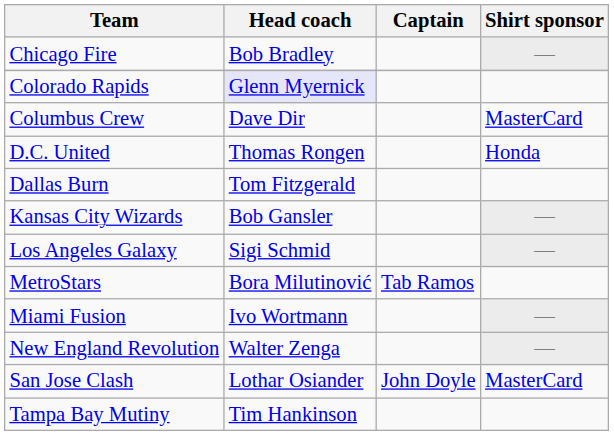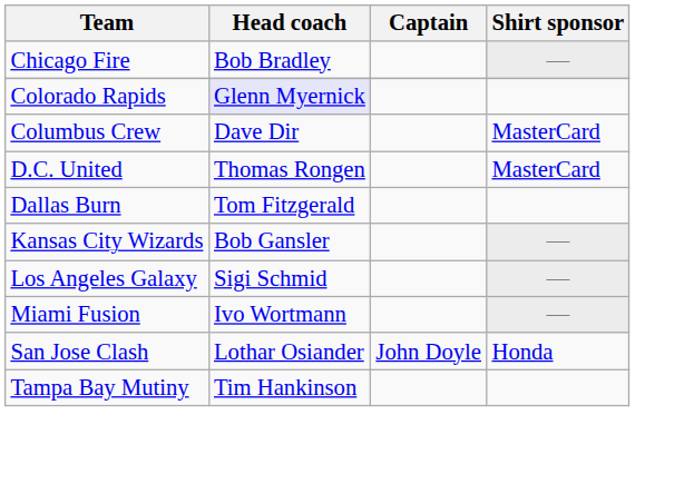 <table class="wikitable sortable" style="text-align: left;">
 <tr>
 <th>Team</th>
 <th>Head coach</th>
 <th>Captain</th>
 <th>Shirt sponsor</th>
 </tr>
 <tr>
 <td><a href='#'>Chicago Fire</a></td>
 <td> <a href='#'>Bob Bradley</a></td>
 <td></td>
 <td align="center" colspan="1" style="background:#ececec; color:gray">—</td>
 </tr>
 <tr>
 </tr>
 <tr>
 <td><a href='#'>Colorado Rapids</a></td>
 <td style="background: lavender;"> <a href='#'>Glenn Myernick</a></td>
 <td></td>
 <td></td>
 </tr>
 <tr>
 <td><a href='#'>Columbus Crew</a></td>
 <td> <a href='#'>Dave Dir</a></td>
 <td></td>
 <td><a href='#'>MasterCard</a></td>
 </tr>
 <tr>
 <td><a href='#'>D.C. United</a></td>
 <td> <a href='#'>Thomas Rongen</a></td>
 <td></td>
-<td><a href='#'>Honda</a></td>
+<td><a href='#'>MasterCard</a></td>
 </tr>
 <tr>
 <td><a href='#'>Dallas Burn</a></td>
 <td> <a href='#'>Tom Fitzgerald</a></td>
 <td></td>
 <td></td>
 </tr>
 <tr>
 <td><a href='#'>Kansas City Wizards</a></td>
 <td> <a href='#'>Bob Gansler</a></td>
 <td></td>
 <td align="center" colspan="1" style="background:#ececec; color:gray">—</td>
 </tr>
 <tr>
 <td><a href='#'>Los Angeles Galaxy</a></td>
 <td> <a href='#'>Sigi Schmid</a></td>
 <td></td>
 <td align="center" colspan="1" style="background:#ececec; color:gray">—</td>
 </tr>
 <tr>
-<td><a href='#'>MetroStars</a></td>
-<td> <a href='#'>Bora Milutinović</a></td>
-<td> <a href='#'>Tab Ramos</a></td>
-<td></td>
-</tr>
-<tr>
 <td><a href='#'>Miami Fusion</a></td>
 <td> <a href='#'>Ivo Wortmann</a></td>
-<td></td>
-<td align="center" colspan="1" style="background:#ececec; color:gray">—</td>
-</tr>
-<tr>
-<td><a href='#'>New England Revolution</a></td>
-<td> <a href='#'>Walter Zenga</a></td>
 <td></td>
 <td align="center" colspan="1" style="background:#ececec; color:gray">—</td>
 </tr>
 <tr>
 <td><a href='#'>San Jose Clash</a></td>
 <td> <a href='#'>Lothar Osiander</a></td>
 <td> <a href='#'>John Doyle</a></td>
-<td><a href='#'>MasterCard</a></td>
+<td><a href='#'>Honda</a></td>
 </tr>
 <tr>
 <td><a href='#'>Tampa Bay Mutiny</a></td>
 <td> <a href='#'>Tim Hankinson</a></td>
 <td></td>
 <td></td>
 </tr>
 </table>
